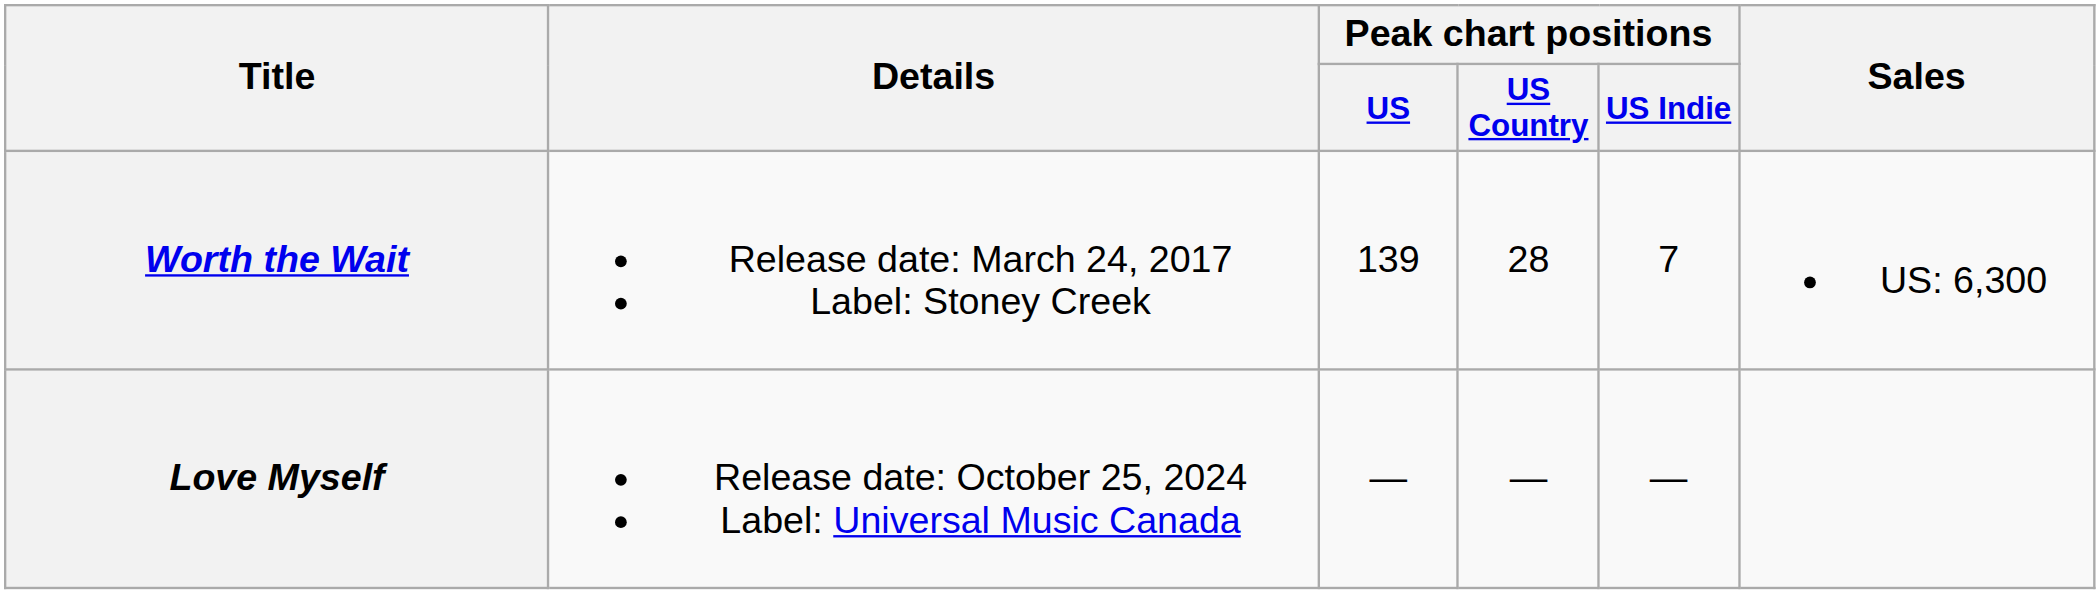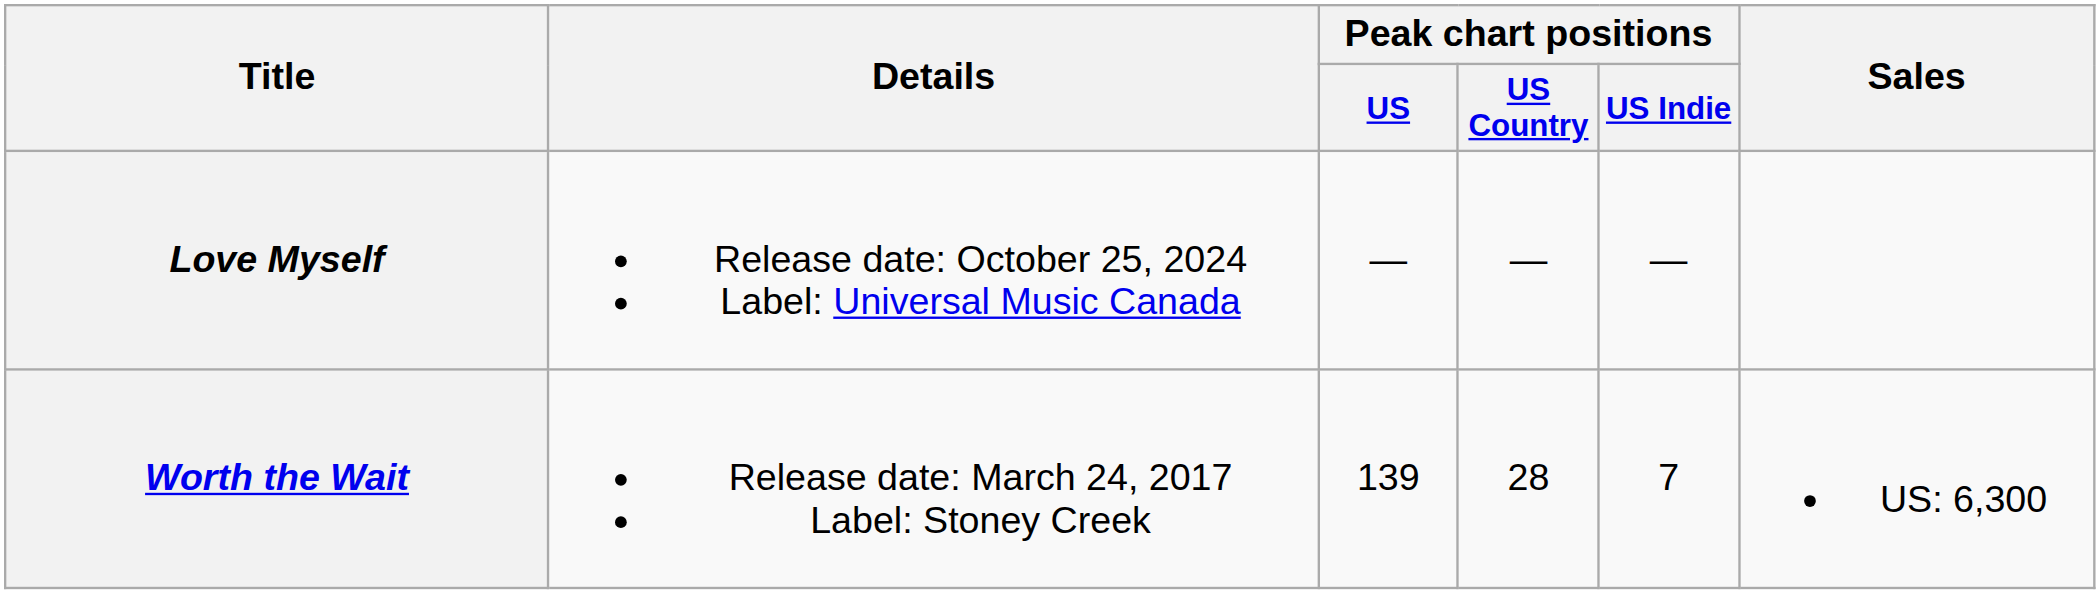 <table class="wikitable plainrowheaders" style="text-align:center;">
 <tr>
 <th style="width:14em;" rowspan="2">Title</th>
 <th style="width:20em;" rowspan="2">Details</th>
 <th colspan="3">Peak chart positions</th>
 <th style="width:9em;" rowspan="2">Sales</th>
 </tr>
 <tr style="font-size:smaller;">
 <th style="width:4em;"><a href='#'>US</a><br></th>
 <th style="width:4em;"><a href='#'>US Country</a><br></th>
 <th style="width:4em;"><a href='#'>US Indie</a><br></th>
 </tr>
 <tr>
+<th scope="row"><em>Love Myself</em></th>
+<td><br><ul><li>Release date: October 25, 2024</li><li>Label: <a href='#'>Universal Music Canada</a></li></ul></td>
+<td>—</td>
+<td>—</td>
+<td>—</td>
+<td></td>
+</tr>
+<tr>
 <th scope="row"><em><a href='#'>Worth the Wait</a></em></th>
 <td><br><ul><li>Release date: March 24, 2017</li><li>Label: Stoney Creek</li></ul></td>
 <td>139</td>
 <td>28</td>
 <td>7</td>
 <td><br><ul><li>US: 6,300</li></ul></td>
 </tr>
-<tr>
-<th scope="row"><em>Love Myself</em></th>
-<td><br><ul><li>Release date: October 25, 2024</li><li>Label: <a href='#'>Universal Music Canada</a></li></ul></td>
-<td>—</td>
-<td>—</td>
-<td>—</td>
-<td></td>
-</tr>
 </table>
